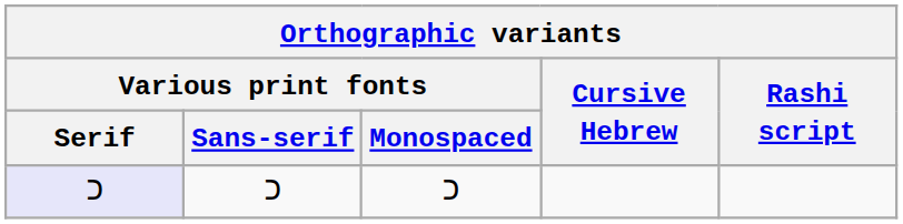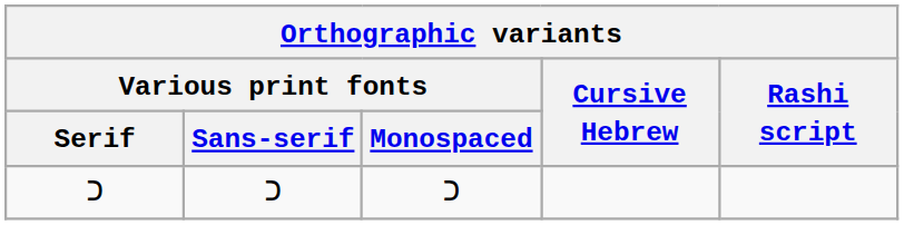 <table class=wikitable style="text-align:center;">
 <tr>
 <th colspan=5><small><a href='#'>Orthographic</a> variants</small></th>
 </tr>
 <tr>
 <th colspan=3><small>Various print fonts</small></th>
 <th rowspan=2><small><a href='#'>Cursive<br>Hebrew</a></small></th>
 <th rowspan=2><small><a href='#'>Rashi<br>script</a></small></th>
 </tr>
 <tr>
 <th><small>Serif</small></th>
 <th><small><a href='#'>Sans-serif</a></small></th>
 <th><small><a href='#'>Monospaced</a></small></th>
 </tr>
 <tr>
-<td width=20% style="background: lavender;"><span>כ</span></td>
+<td width=20%><span>כ</span></td>
 <td width=20%><span>כ</span></td>
 <td width=20%><span>כ</span></td>
 <td width=20%></td>
 <td width=20%></td>
 </tr>
 </table>
